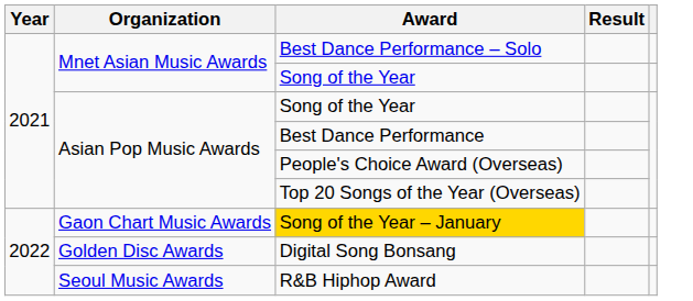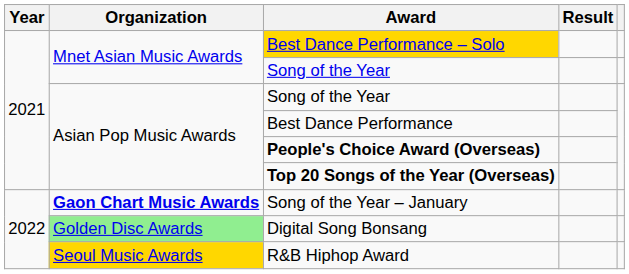 <table class="wikitable plainrowheaders">
 <tr align=center>
 <th scope="col">Year</th>
 <th scope="col">Organization</th>
 <th scope="col">Award</th>
 <th scope="col">Result</th>
 <th scope="col"></th>
 </tr>
 <tr>
 <td rowspan="6" style="text-align:center">2021</td>
 <td rowspan="2"><a href='#'>Mnet Asian Music Awards</a></td>
-<td><a href='#'>Best Dance Performance – Solo</a></td>
+<td style="background: gold;"><a href='#'>Best Dance Performance – Solo</a></td>
 <td></td>
 <td style="text-align:center"></td>
 </tr>
 <tr>
 <td><a href='#'>Song of the Year</a></td>
 <td></td>
 <td style="text-align:center"></td>
 </tr>
 <tr>
 <td rowspan="4">Asian Pop Music Awards</td>
 <td>Song of the Year</td>
 <td></td>
 <td rowspan="4" style="text-align:center"></td>
 </tr>
 <tr>
 <td>Best Dance Performance</td>
 <td></td>
 </tr>
 <tr>
-<td>People's Choice Award (Overseas)</td>
+<td><strong>People's Choice Award (Overseas)</strong></td>
 <td></td>
 </tr>
 <tr>
-<td>Top 20 Songs of the Year (Overseas)</td>
+<td><strong>Top 20 Songs of the Year (Overseas)</strong></td>
 <td></td>
 </tr>
 <tr>
 <td rowspan="3">2022</td>
-<td><a href='#'>Gaon Chart Music Awards</a></td>
-<td style="background: gold;">Song of the Year – January</td>
+<td><strong><a href='#'>Gaon Chart Music Awards</a></strong></td>
+<td>Song of the Year – January</td>
 <td></td>
 <td style="text-align:center"></td>
 </tr>
 <tr>
-<td><a href='#'>Golden Disc Awards</a></td>
+<td style="background: lightgreen;"><a href='#'>Golden Disc Awards</a></td>
 <td>Digital Song Bonsang</td>
 <td></td>
 <td style="text-align:center"></td>
 </tr>
 <tr>
-<td><a href='#'>Seoul Music Awards</a></td>
+<td style="background: gold;"><a href='#'>Seoul Music Awards</a></td>
 <td>R&B Hiphop Award</td>
 <td></td>
 <td style="text-align:center"></td>
 </tr>
 </table>
